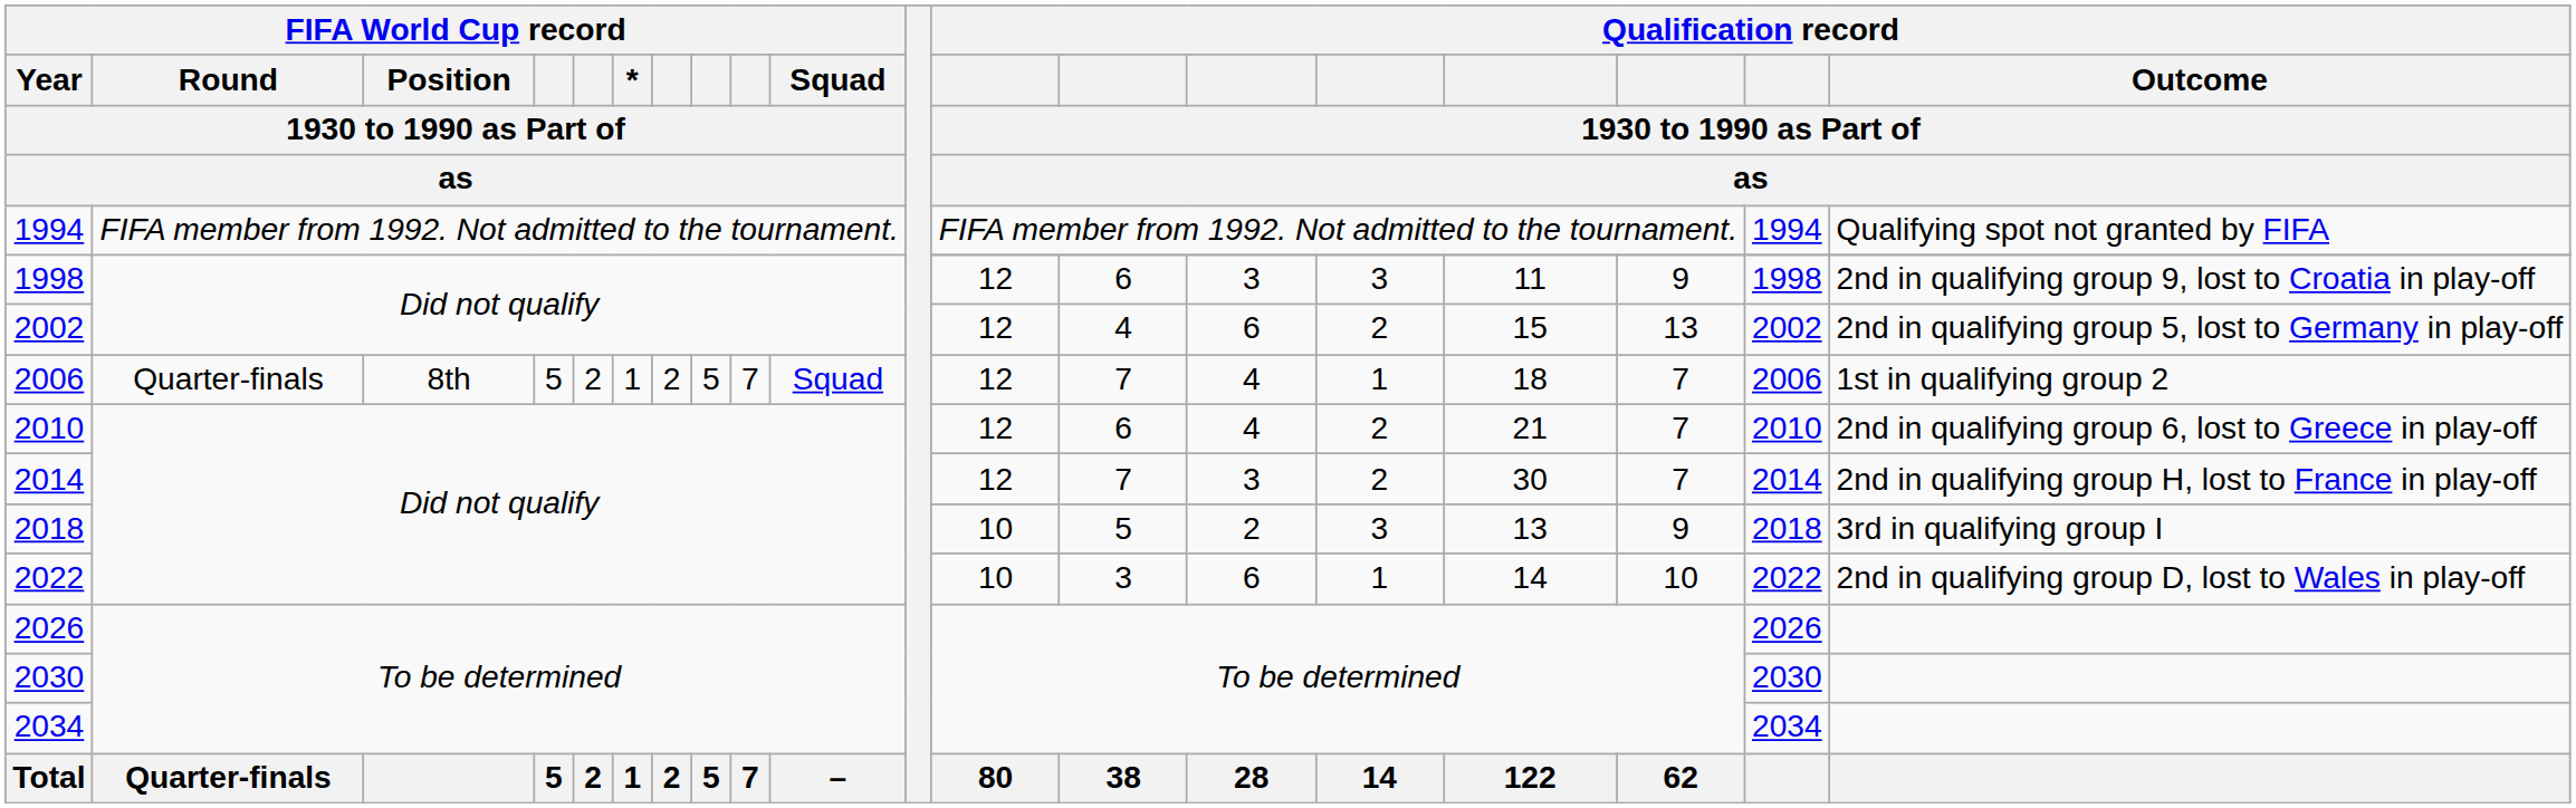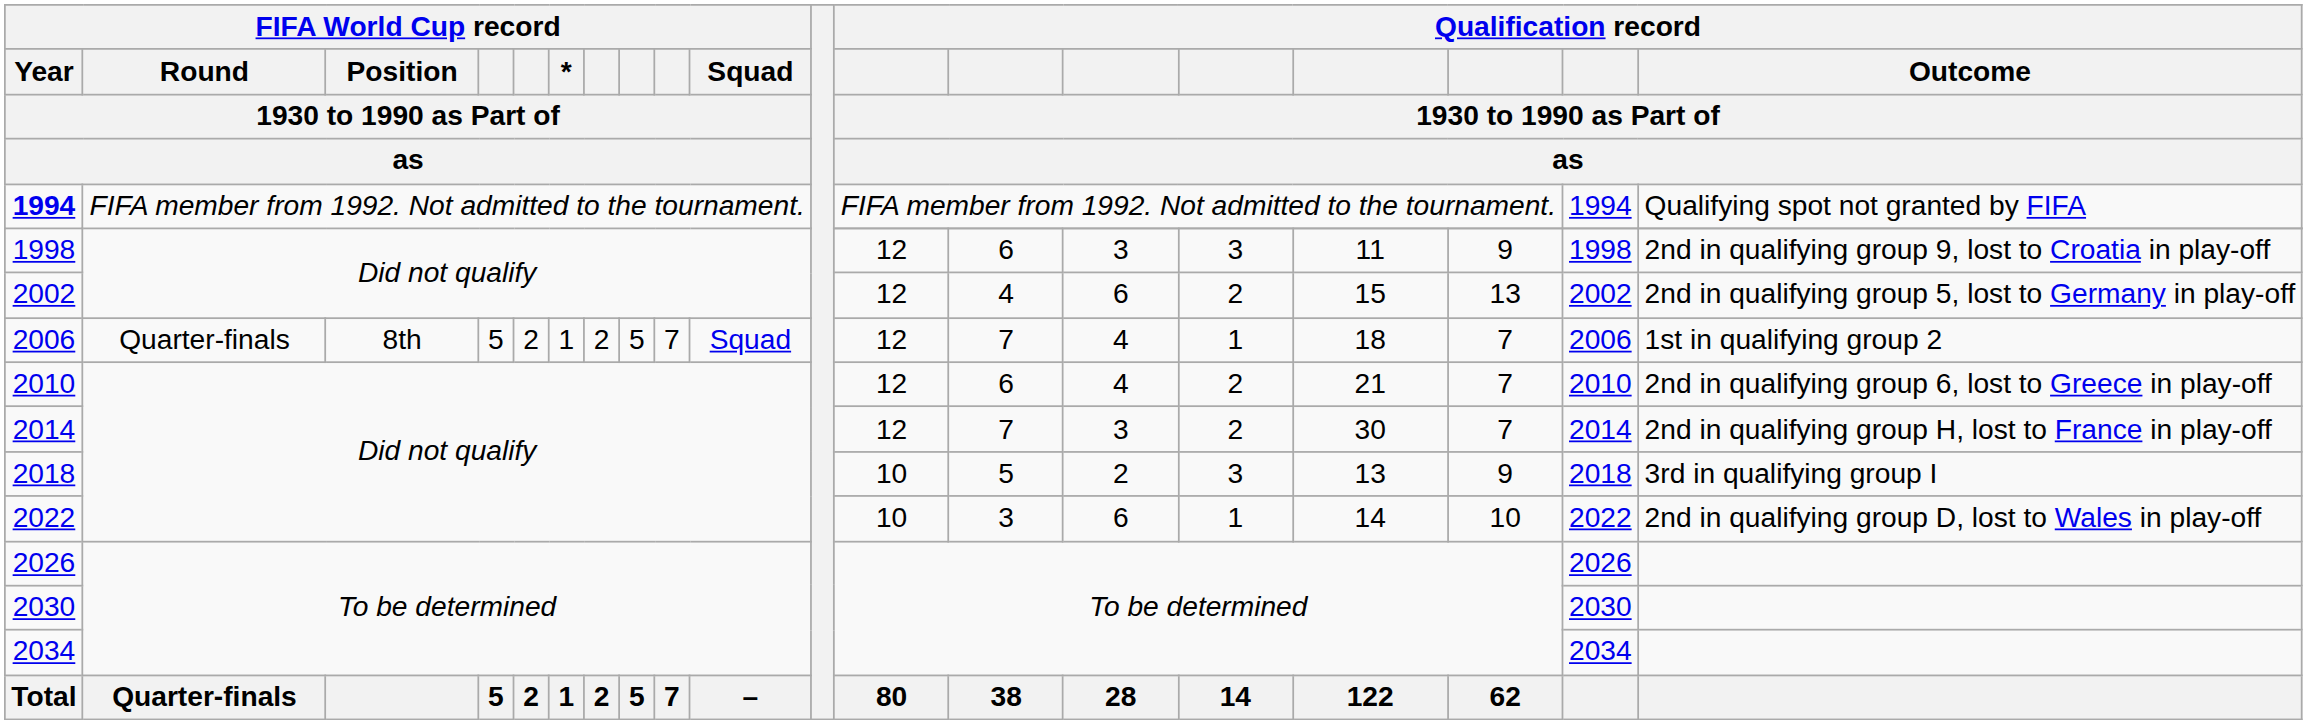 <table class="wikitable" style="text-align: center;">
 <tr>
 <th colspan="10"><a href='#'>FIFA World Cup</a> record</th>
 <th style="width:1%;" rowspan="17"></th>
 <th colspan=8><a href='#'>Qualification</a> record</th>
 </tr>
 <tr>
 <th>Year</th>
 <th>Round</th>
 <th>Position</th>
 <th></th>
 <th></th>
 <th>*</th>
 <th></th>
 <th></th>
 <th></th>
 <th>Squad</th>
 <th></th>
 <th></th>
 <th></th>
 <th></th>
 <th></th>
 <th></th>
 <th></th>
 <th>Outcome</th>
 </tr>
 <tr>
 <th colspan="10">1930 to 1990 as Part of </th>
 <th colspan=8>1930 to 1990 as Part of </th>
 </tr>
 <tr>
 <th colspan="10">as </th>
 <th colspan=8>as </th>
 </tr>
 <tr>
-<td> <a href='#'>1994</a></td>
+<td><strong> <a href='#'>1994</a></strong></td>
 <td colspan="9"><em>FIFA member from 1992. Not admitted to the tournament.</em></td>
 <td colspan=6><em>FIFA member from 1992. Not admitted to the tournament.</em></td>
 <td><a href='#'>1994</a></td>
 <td align=left>Qualifying spot not granted by <a href='#'>FIFA</a></td>
 </tr>
 <tr>
 <td rowspan=2> <a href='#'>1998</a></td>
 <td colspan="9" rowspan="3"><em>Did not qualify</em></td>
 </tr>
 <tr>
 <td>12</td>
 <td>6</td>
 <td>3</td>
 <td>3</td>
 <td>11</td>
 <td>9</td>
 <td><a href='#'>1998</a></td>
 <td align=left>2nd in qualifying group 9, lost to <a href='#'>Croatia</a> in play-off</td>
 </tr>
 <tr>
 <td>  <a href='#'>2002</a></td>
 <td>12</td>
 <td>4</td>
 <td>6</td>
 <td>2</td>
 <td>15</td>
 <td>13</td>
 <td><a href='#'>2002</a></td>
 <td align=left>2nd in qualifying group 5, lost to <a href='#'>Germany</a> in play-off</td>
 </tr>
 <tr>
 <td> <a href='#'>2006</a></td>
 <td>Quarter-finals</td>
 <td>8th</td>
 <td>5</td>
 <td>2</td>
 <td>1</td>
 <td>2</td>
 <td>5</td>
 <td>7</td>
 <td><a href='#'>Squad</a></td>
 <td>12</td>
 <td>7</td>
 <td>4</td>
 <td>1</td>
 <td>18</td>
 <td>7</td>
 <td><a href='#'>2006</a></td>
 <td align=left>1st in qualifying group 2</td>
 </tr>
 <tr>
 <td> <a href='#'>2010</a></td>
 <td colspan="9" rowspan="4"><em>Did not qualify</em></td>
 <td>12</td>
 <td>6</td>
 <td>4</td>
 <td>2</td>
 <td>21</td>
 <td>7</td>
 <td><a href='#'>2010</a></td>
 <td align=left>2nd in qualifying group 6, lost to <a href='#'>Greece</a> in play-off</td>
 </tr>
 <tr>
 <td> <a href='#'>2014</a></td>
 <td>12</td>
 <td>7</td>
 <td>3</td>
 <td>2</td>
 <td>30</td>
 <td>7</td>
 <td><a href='#'>2014</a></td>
 <td align=left>2nd in qualifying group H, lost to <a href='#'>France</a> in play-off</td>
 </tr>
 <tr>
 <td> <a href='#'>2018</a></td>
 <td>10</td>
 <td>5</td>
 <td>2</td>
 <td>3</td>
 <td>13</td>
 <td>9</td>
 <td><a href='#'>2018</a></td>
 <td align=left>3rd in qualifying group I</td>
 </tr>
 <tr>
 <td> <a href='#'>2022</a></td>
 <td>10</td>
 <td>3</td>
 <td>6</td>
 <td>1</td>
 <td>14</td>
 <td>10</td>
 <td><a href='#'>2022</a></td>
 <td align=left>2nd in qualifying group D, lost to <a href='#'>Wales</a> in play-off</td>
 </tr>
 <tr>
 <td>   <a href='#'>2026</a></td>
 <td colspan="9" rowspan="3"><em>To be determined</em></td>
 <td colspan=6 rowspan=3><em>To be determined</em></td>
 <td><a href='#'>2026</a></td>
 <td></td>
 </tr>
 <tr>
 <td>   <a href='#'>2030</a></td>
 <td><a href='#'>2030</a></td>
 <td></td>
 </tr>
 <tr>
 <td> <a href='#'>2034</a></td>
 <td><a href='#'>2034</a></td>
 <td></td>
 </tr>
 <tr>
 <th>Total</th>
 <th>Quarter-finals</th>
 <th></th>
 <th>5</th>
 <th>2</th>
 <th>1</th>
 <th>2</th>
 <th>5</th>
 <th>7</th>
 <th>–</th>
 <th>80</th>
 <th>38</th>
 <th>28</th>
 <th>14</th>
 <th>122</th>
 <th>62</th>
 <th></th>
 <th></th>
 </tr>
 </table>
